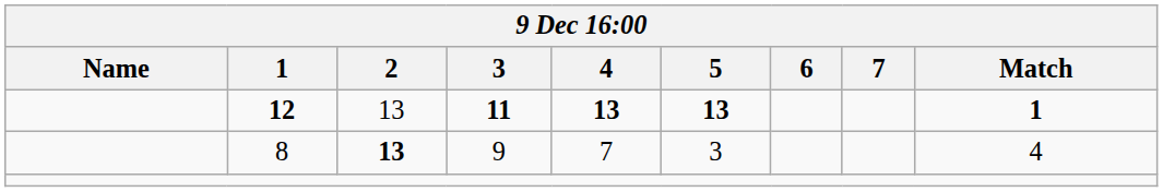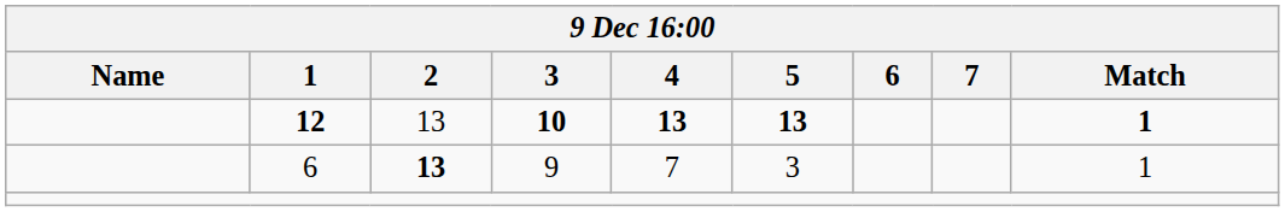 <table class=wikitable style="text-align:center; width: 55%">
 <tr>
 <th colspan=17><em> 9 Dec 16:00</em></th>
 </tr>
 <tr>
 <th>Name</th>
 <th>1</th>
 <th>2</th>
 <th>3</th>
 <th>4</th>
 <th>5</th>
 <th>6</th>
 <th>7</th>
 <th>Match</th>
 </tr>
 <tr>
 <td style="text-align:left;"><strong></strong></td>
 <td><strong>12</strong></td>
 <td>13</td>
-<td><strong>11</strong></td>
+<td><strong>10</strong></td>
 <td><strong>13</strong></td>
 <td><strong>13</strong></td>
 <td></td>
 <td></td>
 <td><strong>1</strong></td>
 </tr>
 <tr>
 <td style="text-align:left;"></td>
-<td>8</td>
+<td>6</td>
 <td><strong>13</strong></td>
 <td>9</td>
 <td>7</td>
 <td>3</td>
 <td></td>
 <td></td>
-<td>4</td>
+<td>1</td>
 </tr>
 <tr>
 <td colspan=17></td>
 </tr>
 </table>
